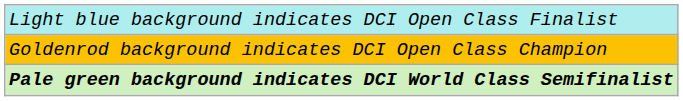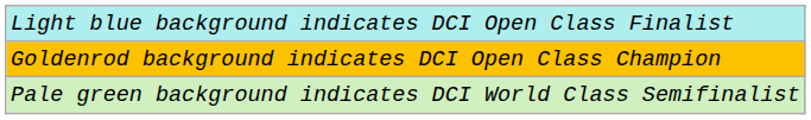 <table class="wikitable" style="font-size:100%;">
 <tr>
 <td style="background-color:#afeeee"><em>Light blue background indicates DCI Open Class Finalist</em></td>
 </tr>
 <tr>
 <td style="background-color:#fcc200"><em>Goldenrod background indicates DCI Open Class Champion</em></td>
 </tr>
 <tr>
-<td style="background-color:#d0f0c0"><strong><em>Pale green background indicates DCI World Class Semifinalist</em></strong></td>
+<td style="background-color:#d0f0c0"><em>Pale green background indicates DCI World Class Semifinalist</em></td>
 </tr>
 </table>
